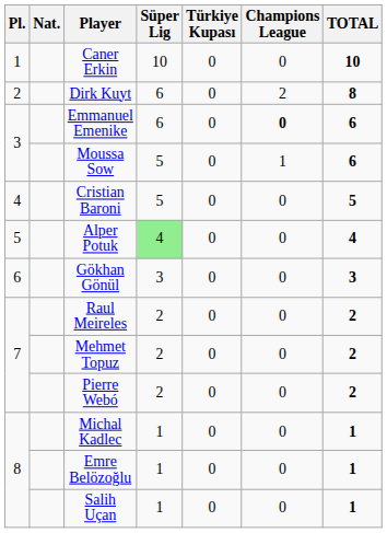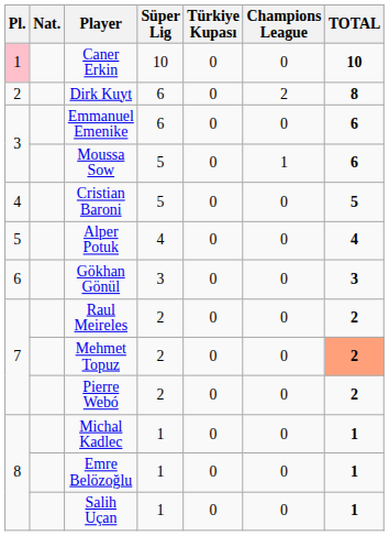 <table class="wikitable sortable alternance" style="font-size:85%; text-align:center; line-height:14px;" width=50%>
 <tr>
 <th width=20>Pl.</th>
 <th width=20>Nat.</th>
 <th width=100>Player</th>
 <th width=80>Süper Lig</th>
 <th width=80>Türkiye Kupası</th>
 <th width=80>Champions League</th>
 <th width=80>TOTAL</th>
 </tr>
 <tr>
-<td rowspan=1>1</td>
+<td rowspan=1 style="background: pink;">1</td>
 <td></td>
 <td><a href='#'>Caner Erkin</a></td>
 <td>10</td>
 <td>0</td>
 <td>0</td>
 <td><strong>10</strong></td>
 </tr>
 <tr>
 <td rowspan=1>2</td>
 <td></td>
 <td><a href='#'>Dirk Kuyt</a></td>
 <td>6</td>
 <td>0</td>
 <td>2</td>
 <td><strong>8</strong></td>
 </tr>
 <tr>
 <td rowspan=2>3</td>
 <td></td>
 <td><a href='#'>Emmanuel Emenike</a></td>
 <td>6</td>
 <td>0</td>
-<td><strong>0</strong></td>
+<td>0</td>
 <td><strong>6</strong></td>
 </tr>
 <tr>
 <td></td>
 <td><a href='#'>Moussa Sow</a></td>
 <td>5</td>
 <td>0</td>
 <td>1</td>
 <td><strong>6</strong></td>
 </tr>
 <tr>
 <td rowspan=1>4</td>
 <td></td>
 <td><a href='#'>Cristian Baroni</a></td>
 <td>5</td>
 <td>0</td>
 <td>0</td>
 <td><strong>5</strong></td>
 </tr>
 <tr>
 <td rowspan=1>5</td>
 <td></td>
 <td><a href='#'>Alper Potuk</a></td>
-<td style="background: lightgreen;">4</td>
+<td>4</td>
 <td>0</td>
 <td>0</td>
 <td><strong>4</strong></td>
 </tr>
 <tr>
 <td rowspan=1>6</td>
 <td></td>
 <td><a href='#'>Gökhan Gönül</a></td>
 <td>3</td>
 <td>0</td>
 <td>0</td>
 <td><strong>3</strong></td>
 </tr>
 <tr>
 <td rowspan=3>7</td>
 <td></td>
 <td><a href='#'>Raul Meireles</a></td>
 <td>2</td>
 <td>0</td>
 <td>0</td>
 <td><strong>2</strong></td>
 </tr>
 <tr>
 <td></td>
 <td><a href='#'>Mehmet Topuz</a></td>
 <td>2</td>
 <td>0</td>
 <td>0</td>
-<td><strong>2</strong></td>
+<td style="background: lightsalmon;"><strong>2</strong></td>
 </tr>
 <tr>
 <td></td>
 <td><a href='#'>Pierre Webó</a></td>
 <td>2</td>
 <td>0</td>
 <td>0</td>
 <td><strong>2</strong></td>
 </tr>
 <tr>
 <td rowspan=3>8</td>
 <td></td>
 <td><a href='#'>Michal Kadlec</a></td>
 <td>1</td>
 <td>0</td>
 <td>0</td>
 <td><strong>1</strong></td>
 </tr>
 <tr>
 <td></td>
 <td><a href='#'>Emre Belözoğlu</a></td>
 <td>1</td>
 <td>0</td>
 <td>0</td>
 <td><strong>1</strong></td>
 </tr>
 <tr>
 <td></td>
 <td><a href='#'>Salih Uçan</a></td>
 <td>1</td>
 <td>0</td>
 <td>0</td>
 <td><strong>1</strong></td>
 </tr>
 </table>
